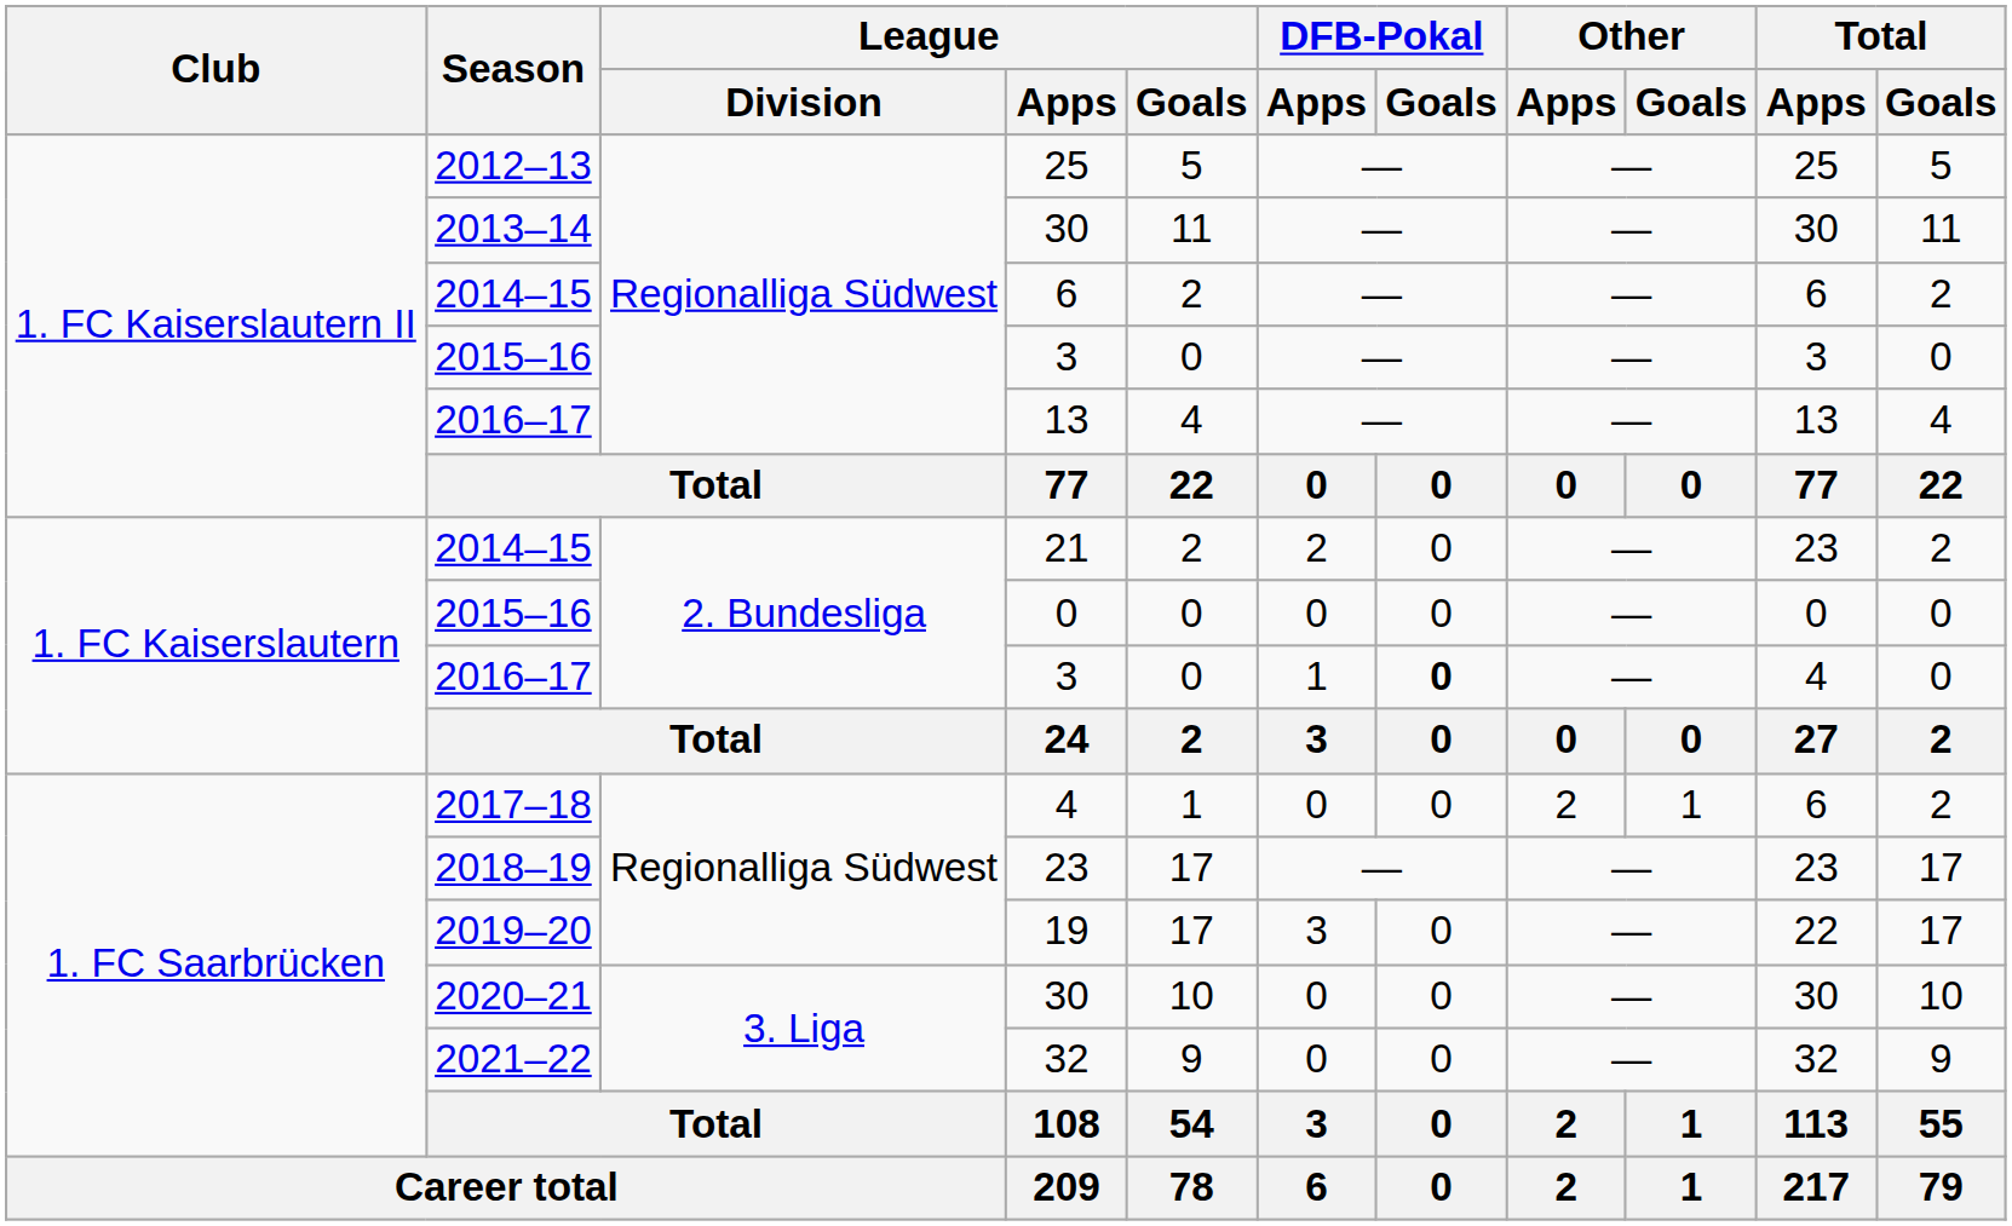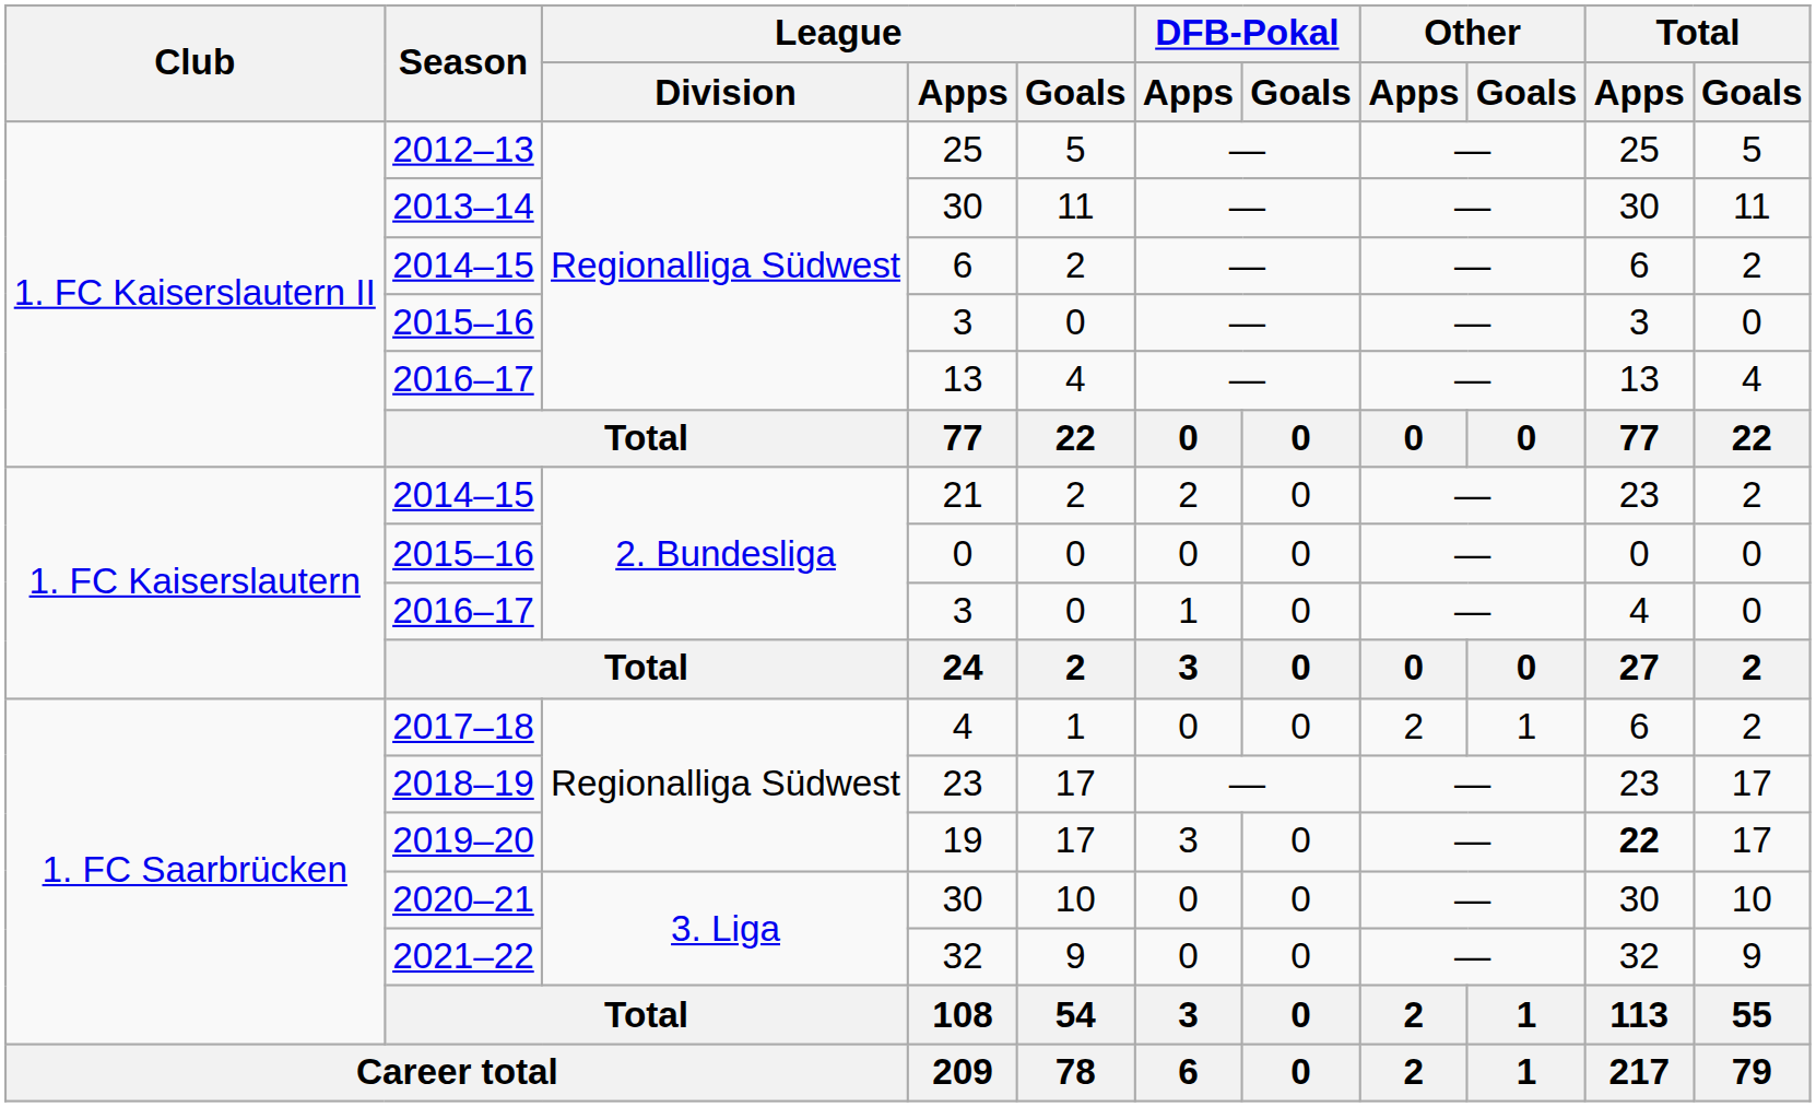 <table class="wikitable" style="text-align: center">
 <tr>
 <th rowspan="2">Club</th>
 <th rowspan="2">Season</th>
 <th colspan="3">League</th>
 <th colspan="2"><a href='#'>DFB-Pokal</a></th>
 <th colspan="2">Other</th>
 <th colspan="2">Total</th>
 </tr>
 <tr>
 <th>Division</th>
 <th>Apps</th>
 <th>Goals</th>
 <th>Apps</th>
 <th>Goals</th>
 <th>Apps</th>
 <th>Goals</th>
 <th>Apps</th>
 <th>Goals</th>
 </tr>
 <tr>
 <td rowspan="6"><a href='#'>1. FC Kaiserslautern II</a></td>
 <td><a href='#'>2012–13</a></td>
 <td rowspan="5"><a href='#'>Regionalliga Südwest</a></td>
 <td>25</td>
 <td>5</td>
 <td colspan="2">—</td>
 <td colspan="2">—</td>
 <td>25</td>
 <td>5</td>
 </tr>
 <tr>
 <td><a href='#'>2013–14</a></td>
 <td>30</td>
 <td>11</td>
 <td colspan="2">—</td>
 <td colspan="2">—</td>
 <td>30</td>
 <td>11</td>
 </tr>
 <tr>
 <td><a href='#'>2014–15</a></td>
 <td>6</td>
 <td>2</td>
 <td colspan="2">—</td>
 <td colspan="2">—</td>
 <td>6</td>
 <td>2</td>
 </tr>
 <tr>
 <td><a href='#'>2015–16</a></td>
 <td>3</td>
 <td>0</td>
 <td colspan="2">—</td>
 <td colspan="2">—</td>
 <td>3</td>
 <td>0</td>
 </tr>
 <tr>
 <td><a href='#'>2016–17</a></td>
 <td>13</td>
 <td>4</td>
 <td colspan="2">—</td>
 <td colspan="2">—</td>
 <td>13</td>
 <td>4</td>
 </tr>
 <tr>
 <th colspan="2">Total</th>
 <th>77</th>
 <th>22</th>
 <th>0</th>
 <th>0</th>
 <th>0</th>
 <th>0</th>
 <th>77</th>
 <th>22</th>
 </tr>
 <tr>
 <td rowspan="4"><a href='#'>1. FC Kaiserslautern</a></td>
 <td><a href='#'>2014–15</a></td>
 <td rowspan="3"><a href='#'>2. Bundesliga</a></td>
 <td>21</td>
 <td>2</td>
 <td>2</td>
 <td>0</td>
 <td colspan="2">—</td>
 <td>23</td>
 <td>2</td>
 </tr>
 <tr>
 <td><a href='#'>2015–16</a></td>
 <td>0</td>
 <td>0</td>
 <td>0</td>
 <td>0</td>
 <td colspan="2">—</td>
 <td>0</td>
 <td>0</td>
 </tr>
 <tr>
 <td><a href='#'>2016–17</a></td>
 <td>3</td>
 <td>0</td>
 <td>1</td>
-<td><strong>0</strong></td>
+<td>0</td>
 <td colspan="2">—</td>
 <td>4</td>
 <td>0</td>
 </tr>
 <tr>
 <th colspan="2">Total</th>
 <th>24</th>
 <th>2</th>
 <th>3</th>
 <th>0</th>
 <th>0</th>
 <th>0</th>
 <th>27</th>
 <th>2</th>
 </tr>
 <tr>
 <td rowspan="6"><a href='#'>1. FC Saarbrücken</a></td>
 <td><a href='#'>2017–18</a></td>
 <td rowspan="3">Regionalliga Südwest</td>
 <td>4</td>
 <td>1</td>
 <td>0</td>
 <td>0</td>
 <td>2</td>
 <td>1</td>
 <td>6</td>
 <td>2</td>
 </tr>
 <tr>
 <td><a href='#'>2018–19</a></td>
 <td>23</td>
 <td>17</td>
 <td colspan="2">—</td>
 <td colspan="2">—</td>
 <td>23</td>
 <td>17</td>
 </tr>
 <tr>
 <td><a href='#'>2019–20</a></td>
 <td>19</td>
 <td>17</td>
 <td>3</td>
 <td>0</td>
 <td colspan="2">—</td>
-<td>22</td>
+<td><strong>22</strong></td>
 <td>17</td>
 </tr>
 <tr>
 <td><a href='#'>2020–21</a></td>
 <td rowspan="2"><a href='#'>3. Liga</a></td>
 <td>30</td>
 <td>10</td>
 <td>0</td>
 <td>0</td>
 <td colspan="2">—</td>
 <td>30</td>
 <td>10</td>
 </tr>
 <tr>
 <td><a href='#'>2021–22</a></td>
 <td>32</td>
 <td>9</td>
 <td>0</td>
 <td>0</td>
 <td colspan="2">—</td>
 <td>32</td>
 <td>9</td>
 </tr>
 <tr>
 <th colspan="2">Total</th>
 <th>108</th>
 <th>54</th>
 <th>3</th>
 <th>0</th>
 <th>2</th>
 <th>1</th>
 <th>113</th>
 <th>55</th>
 </tr>
 <tr>
 <th colspan="3">Career total</th>
 <th>209</th>
 <th>78</th>
 <th>6</th>
 <th>0</th>
 <th>2</th>
 <th>1</th>
 <th>217</th>
 <th>79</th>
 </tr>
 </table>
